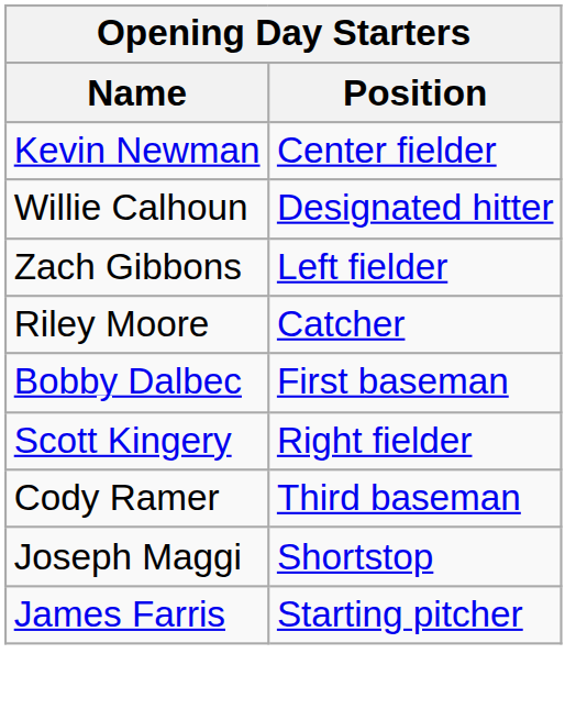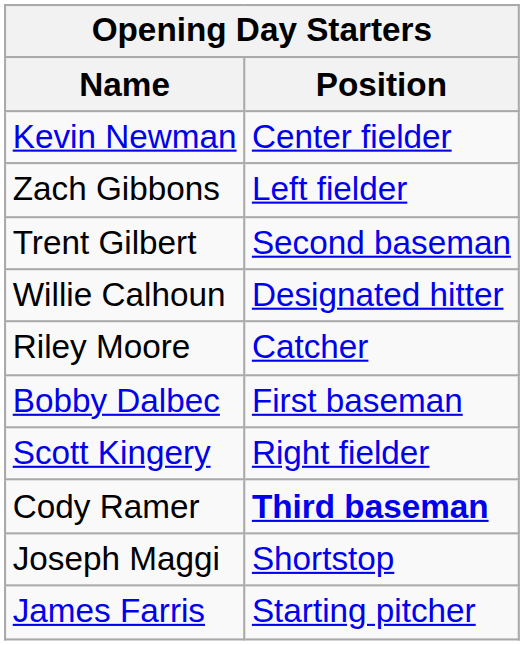 <table class="wikitable" style="text-align:left">
 <tr>
 <th colspan="2">Opening Day Starters</th>
 </tr>
 <tr>
 <th>Name</th>
 <th>Position</th>
 </tr>
 <tr>
 <td><a href='#'>Kevin Newman</a></td>
 <td><a href='#'>Center fielder</a></td>
 </tr>
 <tr>
+<td>Zach Gibbons</td>
+<td><a href='#'>Left fielder</a></td>
+</tr>
+<tr>
+<td>Trent Gilbert</td>
+<td><a href='#'>Second baseman</a></td>
+</tr>
+<tr>
 <td>Willie Calhoun</td>
 <td><a href='#'>Designated hitter</a></td>
-</tr>
-<tr>
-<td>Zach Gibbons</td>
-<td><a href='#'>Left fielder</a></td>
 </tr>
 <tr>
 <td>Riley Moore</td>
 <td><a href='#'>Catcher</a></td>
 </tr>
 <tr>
 <td><a href='#'>Bobby Dalbec</a></td>
 <td><a href='#'>First baseman</a></td>
 </tr>
 <tr>
 <td><a href='#'>Scott Kingery</a></td>
 <td><a href='#'>Right fielder</a></td>
 </tr>
 <tr>
 <td>Cody Ramer</td>
-<td><a href='#'>Third baseman</a></td>
+<td><strong><a href='#'>Third baseman</a></strong></td>
 </tr>
 <tr>
 <td>Joseph Maggi</td>
 <td><a href='#'>Shortstop</a></td>
 </tr>
 <tr>
 <td><a href='#'>James Farris</a></td>
 <td><a href='#'>Starting pitcher</a></td>
 </tr>
 </table>
